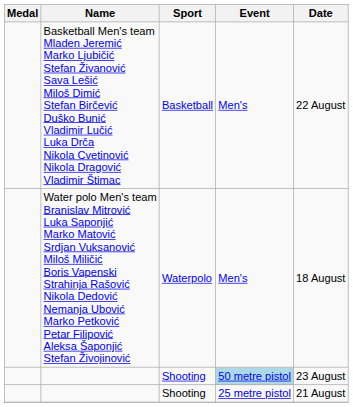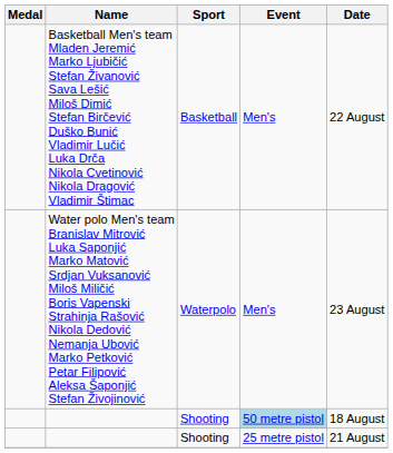 <table class="wikitable sortable" border="1" style="font-size:95%">
 <tr>
 <th>Medal</th>
 <th>Name</th>
 <th>Sport</th>
 <th>Event</th>
 <th>Date</th>
 </tr>
 <tr>
 <td></td>
 <td>Basketball Men's team<br><a href='#'>Mladen Jeremić</a><br><a href='#'>Marko Ljubičić</a><br><a href='#'>Stefan Živanović</a><br><a href='#'>Sava Lešić</a><br><a href='#'>Miloš Dimić</a><br><a href='#'>Stefan Birčević</a><br><a href='#'>Duško Bunić</a><br><a href='#'>Vladimir Lučić</a><br><a href='#'>Luka Drča</a><br><a href='#'>Nikola Cvetinović</a><br><a href='#'>Nikola Dragović</a><br><a href='#'>Vladimir Štimac</a></td>
 <td><a href='#'>Basketball</a></td>
 <td><a href='#'>Men's</a></td>
 <td>22 August</td>
 </tr>
 <tr>
 <td></td>
 <td>Water polo Men's team<br><a href='#'>Branislav Mitrović</a><br><a href='#'>Luka Saponjić</a><br><a href='#'>Marko Matović</a><br><a href='#'>Srdjan Vuksanović</a><br><a href='#'>Miloš Miličić</a><br><a href='#'>Boris Vapenski</a><br><a href='#'>Strahinja Rašović</a><br><a href='#'>Nikola Dedović</a><br><a href='#'>Nemanja Ubović</a><br><a href='#'>Marko Petković</a><br><a href='#'>Petar Filipović</a><br><a href='#'>Aleksa Šaponjić</a><br><a href='#'>Stefan Živojinović</a></td>
 <td><a href='#'>Waterpolo</a></td>
 <td><a href='#'>Men's</a></td>
-<td>18 August</td>
+<td>23 August</td>
 </tr>
 <tr>
 <td></td>
 <td></td>
 <td><a href='#'>Shooting</a></td>
 <td style="background: lightblue;"><a href='#'>50 metre pistol</a></td>
-<td>23 August</td>
+<td>18 August</td>
 </tr>
 <tr>
 <td></td>
 <td></td>
 <td>Shooting</td>
 <td><a href='#'>25 metre pistol</a></td>
 <td>21 August</td>
 </tr>
 <tr>
 </tr>
 </table>
